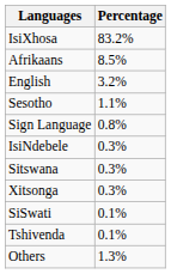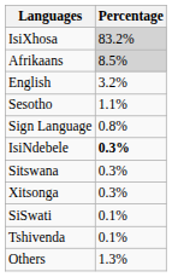 <table class="wikitable">
 <tr>
 <th>Languages</th>
 <th>Percentage</th>
 </tr>
 <tr>
 <td>IsiXhosa</td>
-<td>83.2%</td>
+<td style="background: lightgrey;">83.2%</td>
 </tr>
 <tr>
 <td>Afrikaans</td>
-<td>8.5%</td>
+<td style="background: lightgrey;">8.5%</td>
 </tr>
 <tr>
 <td>English</td>
 <td>3.2%</td>
 </tr>
 <tr>
 <td>Sesotho</td>
 <td>1.1%</td>
 </tr>
 <tr>
 <td>Sign Language</td>
 <td>0.8%</td>
 </tr>
 <tr>
 <td>IsiNdebele</td>
-<td>0.3%</td>
+<td><strong>0.3%</strong></td>
 </tr>
 <tr>
 <td>Sitswana</td>
 <td>0.3%</td>
 </tr>
 <tr>
 <td>Xitsonga</td>
 <td>0.3%</td>
 </tr>
 <tr>
 <td>SiSwati</td>
 <td>0.1%</td>
 </tr>
 <tr>
 <td>Tshivenda</td>
 <td>0.1%</td>
 </tr>
 <tr>
 <td>Others</td>
 <td>1.3%</td>
 </tr>
 </table>
